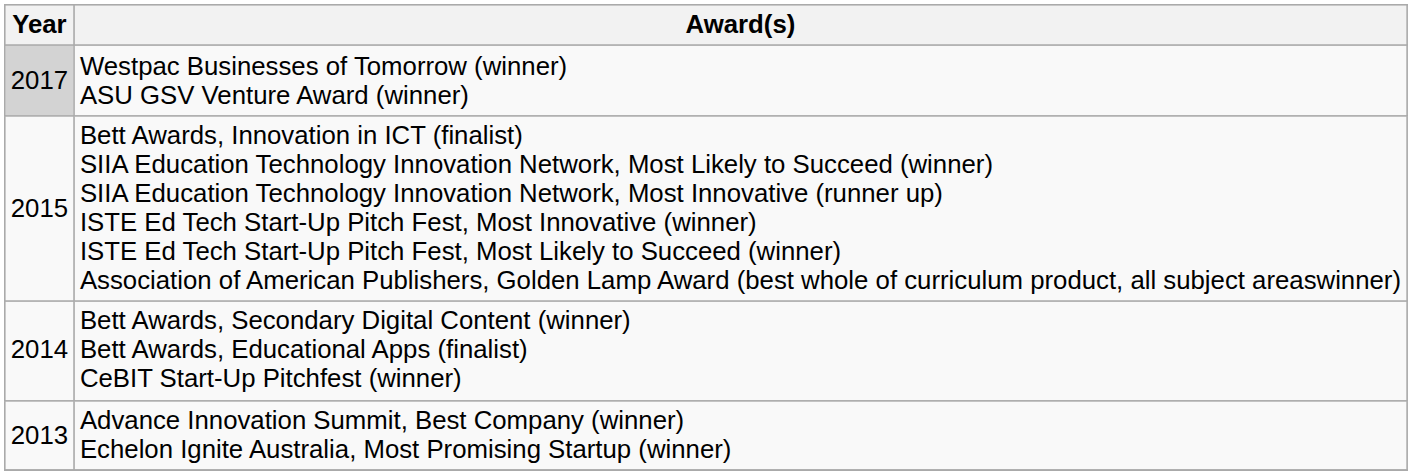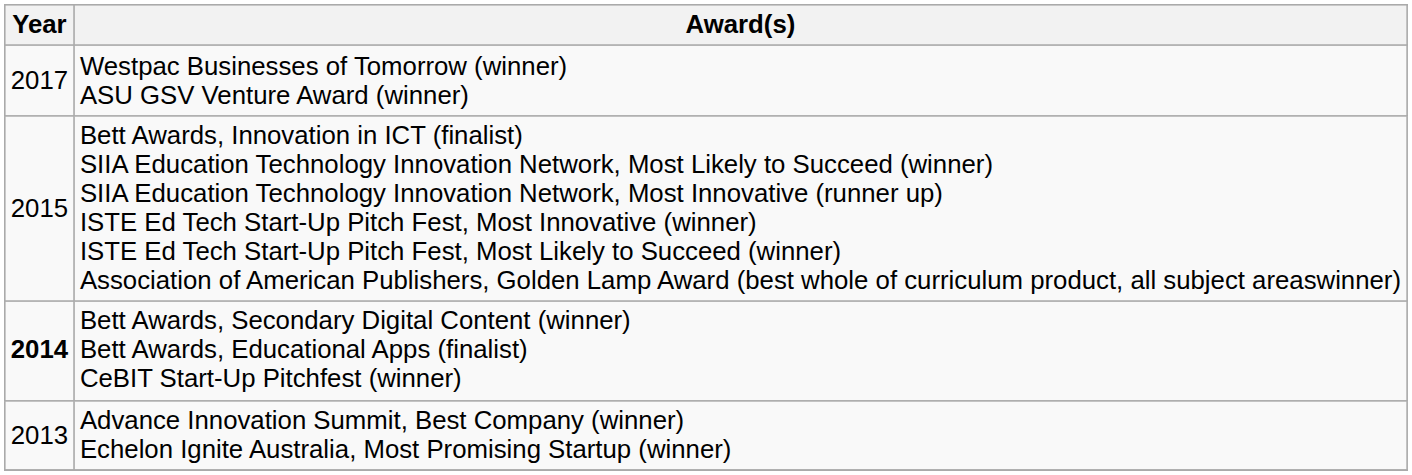 <table class="wikitable sortable">
 <tr>
 <th>Year</th>
 <th>Award(s)</th>
 </tr>
 <tr>
-<td style="background: lightgrey;">2017</td>
+<td>2017</td>
 <td>Westpac Businesses of Tomorrow (winner)<br>ASU GSV Venture Award (winner)</td>
 </tr>
 <tr>
 <td>2015</td>
 <td>Bett Awards, Innovation in ICT (finalist)<br>SIIA Education Technology Innovation Network, Most Likely to Succeed (winner)<br>SIIA Education Technology Innovation Network, Most Innovative (runner up)<br>ISTE Ed Tech Start-Up Pitch Fest, Most Innovative (winner)<br>ISTE Ed Tech Start-Up Pitch Fest, Most Likely to Succeed (winner)<br>Association of American Publishers, Golden Lamp Award (best whole of curriculum product, all subject areaswinner)</td>
 </tr>
 <tr>
-<td>2014</td>
+<td><strong>2014</strong></td>
 <td>Bett Awards, Secondary Digital Content (winner)<br>Bett Awards, Educational Apps (finalist)<br>CeBIT Start-Up Pitchfest (winner)</td>
 </tr>
 <tr>
 <td>2013</td>
 <td>Advance Innovation Summit, Best Company (winner)<br>Echelon Ignite Australia, Most Promising Startup (winner)</td>
 </tr>
 <tr>
 </tr>
 </table>
